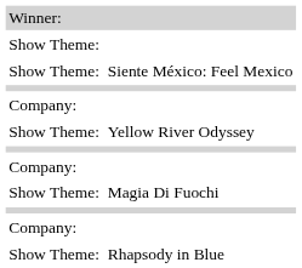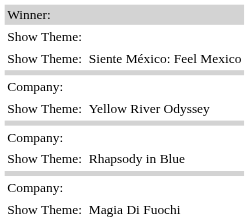 <table border="0" cellpadding="3">
 <tr>
 <td colspan="2" style="background:lightgrey;">Winner: </td>
 </tr>
 <tr>
 <td>Show Theme:</td>
 <td></td>
 </tr>
 <tr>
 <td>Show Theme:</td>
 <td>Siente México: Feel Mexico</td>
 </tr>
 <tr>
 <td colspan="2" style="background:lightgrey;"></td>
 </tr>
 <tr>
 <td>Company:</td>
 <td></td>
 </tr>
 <tr>
 <td>Show Theme:</td>
 <td>Yellow River Odyssey</td>
 </tr>
 <tr>
 <td colspan="2" style="background:lightgrey;"></td>
 </tr>
 <tr>
 <td>Company:</td>
 <td></td>
 </tr>
 <tr>
 <td>Show Theme:</td>
-<td>Magia Di Fuochi</td>
+<td>Rhapsody in Blue</td>
 </tr>
 <tr>
 <td colspan="2" style="background:lightgrey;"></td>
 </tr>
 <tr>
 <td>Company:</td>
 <td></td>
 </tr>
 <tr>
 <td>Show Theme:</td>
-<td>Rhapsody in Blue</td>
+<td>Magia Di Fuochi</td>
 </tr>
 </table>
